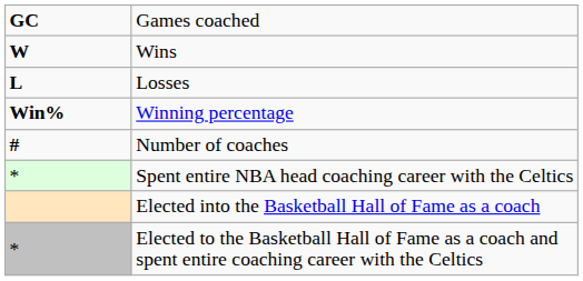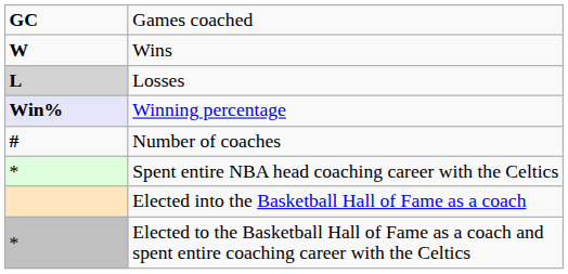 <table class="wikitable">
 <tr>
 <td><strong>GC</strong></td>
 <td>Games coached</td>
 </tr>
 <tr>
 <td><strong>W</strong></td>
 <td>Wins</td>
 </tr>
 <tr>
-<td><strong>L</strong></td>
+<td style="background: lightgrey;"><strong>L</strong></td>
 <td>Losses</td>
 </tr>
 <tr>
-<td><strong>Win%</strong></td>
+<td style="background: lavender;"><strong>Win%</strong></td>
 <td><a href='#'>Winning percentage</a></td>
 </tr>
 <tr>
 <td><strong>#</strong></td>
 <td>Number of coaches</td>
 </tr>
 <tr>
 <td style="background-color:#ddffdd; width:6em">*</td>
 <td>Spent entire NBA head coaching career with the Celtics</td>
 </tr>
 <tr>
 <td style="background-color:#FFE6BD; width:6em"></td>
 <td>Elected into the <a href='#'>Basketball Hall of Fame as a coach</a></td>
 </tr>
 <tr>
 <td style="background-color:silver">*</td>
 <td>Elected to the Basketball Hall of Fame as a coach and<br>spent entire coaching career with the Celtics</td>
 </tr>
 </table>
